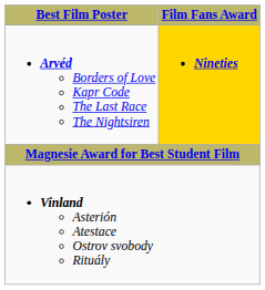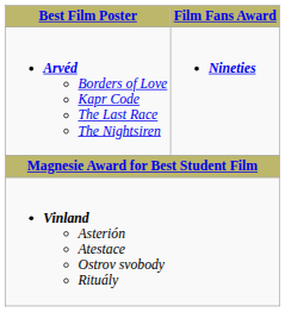 <table class=wikitable>
 <tr>
 <th style="background:#BDB76B;"><a href='#'>Best Film Poster</a></th>
 <th style="background:#BDB76B;"><a href='#'>Film Fans Award</a></th>
 </tr>
 <tr>
 <td valign="top"><br><ul><li><strong><em><a href='#'>Arvéd</a></em></strong><ul><li><em><a href='#'>Borders of Love</a></em></li><li><em><a href='#'>Kapr Code</a></em></li><li><em><a href='#'>The Last Race</a></em></li><li><em><a href='#'>The Nightsiren</a></em></li></ul></li></ul></td>
-<td valign="top" style="background: gold;"><br><ul><li><strong><em><a href='#'>Nineties</a></em></strong></li></ul></td>
+<td valign="top"><br><ul><li><strong><em><a href='#'>Nineties</a></em></strong></li></ul></td>
 </tr>
 <tr>
 <th style="background:#BDB76B;" colspan="2"><a href='#'>Magnesie Award for Best Student Film</a></th>
 </tr>
 <tr>
 <td colspan="2"><br><ul><li><strong><em>Vinland</em></strong><ul><li><em>Asterión</em></li><li><em>Atestace</em></li><li><em>Ostrov svobody</em></li><li><em>Rituály</em></li></ul></li></ul></td>
 </tr>
 </table>
